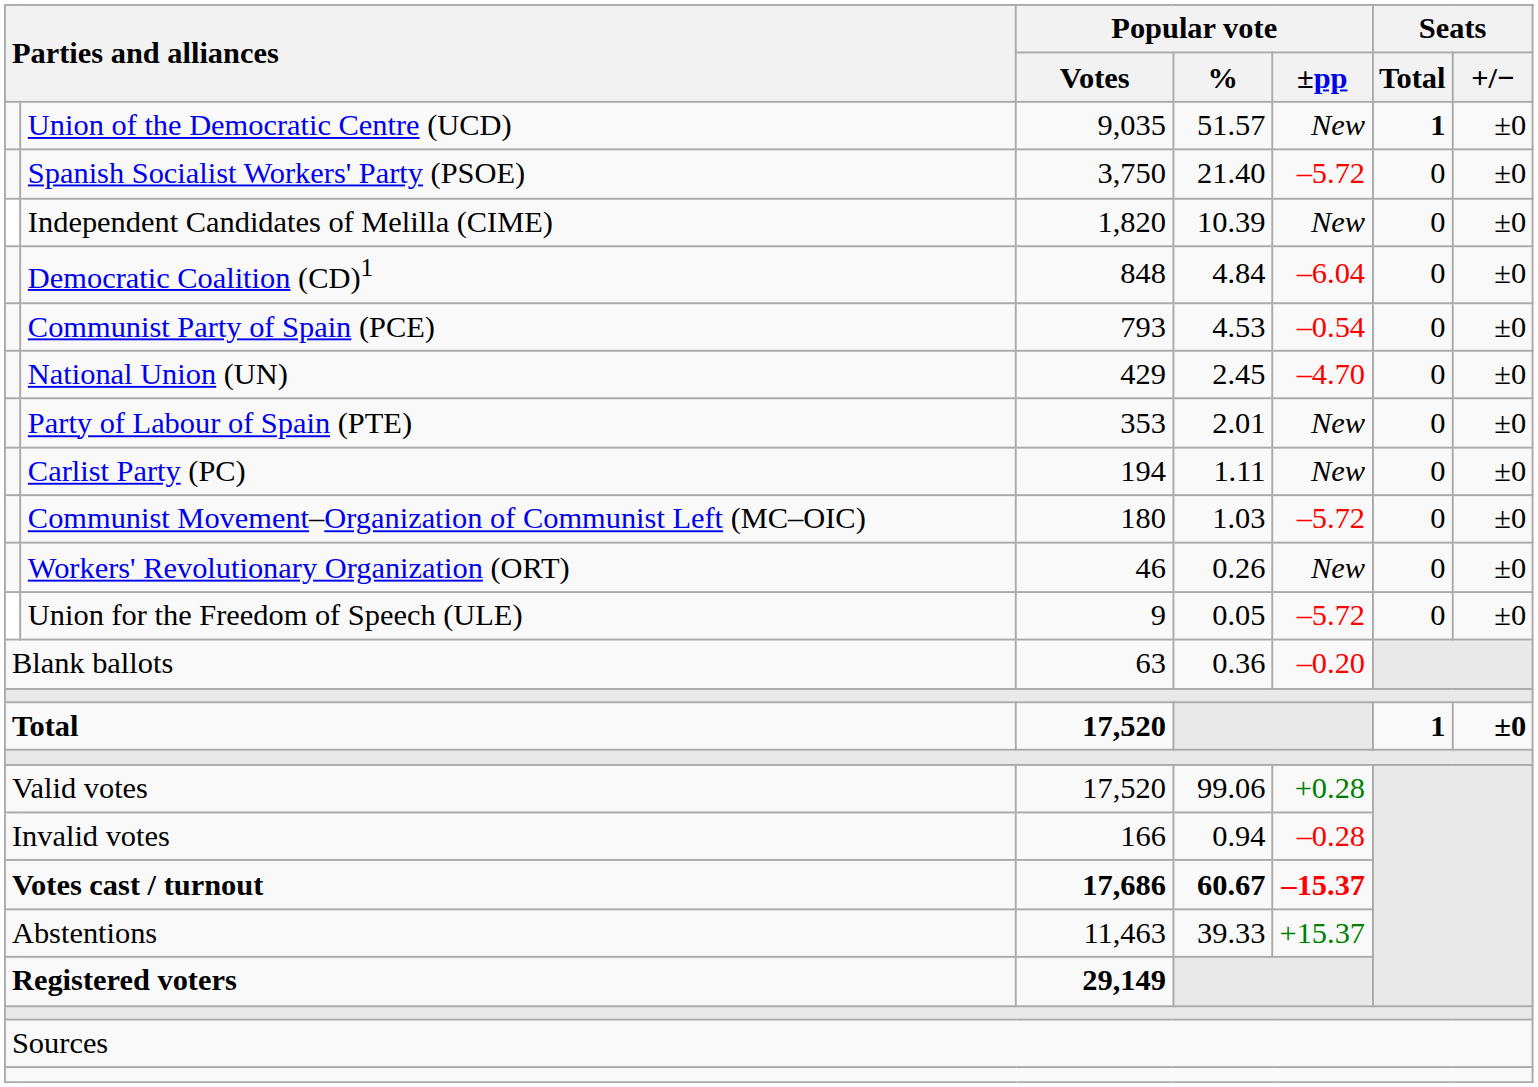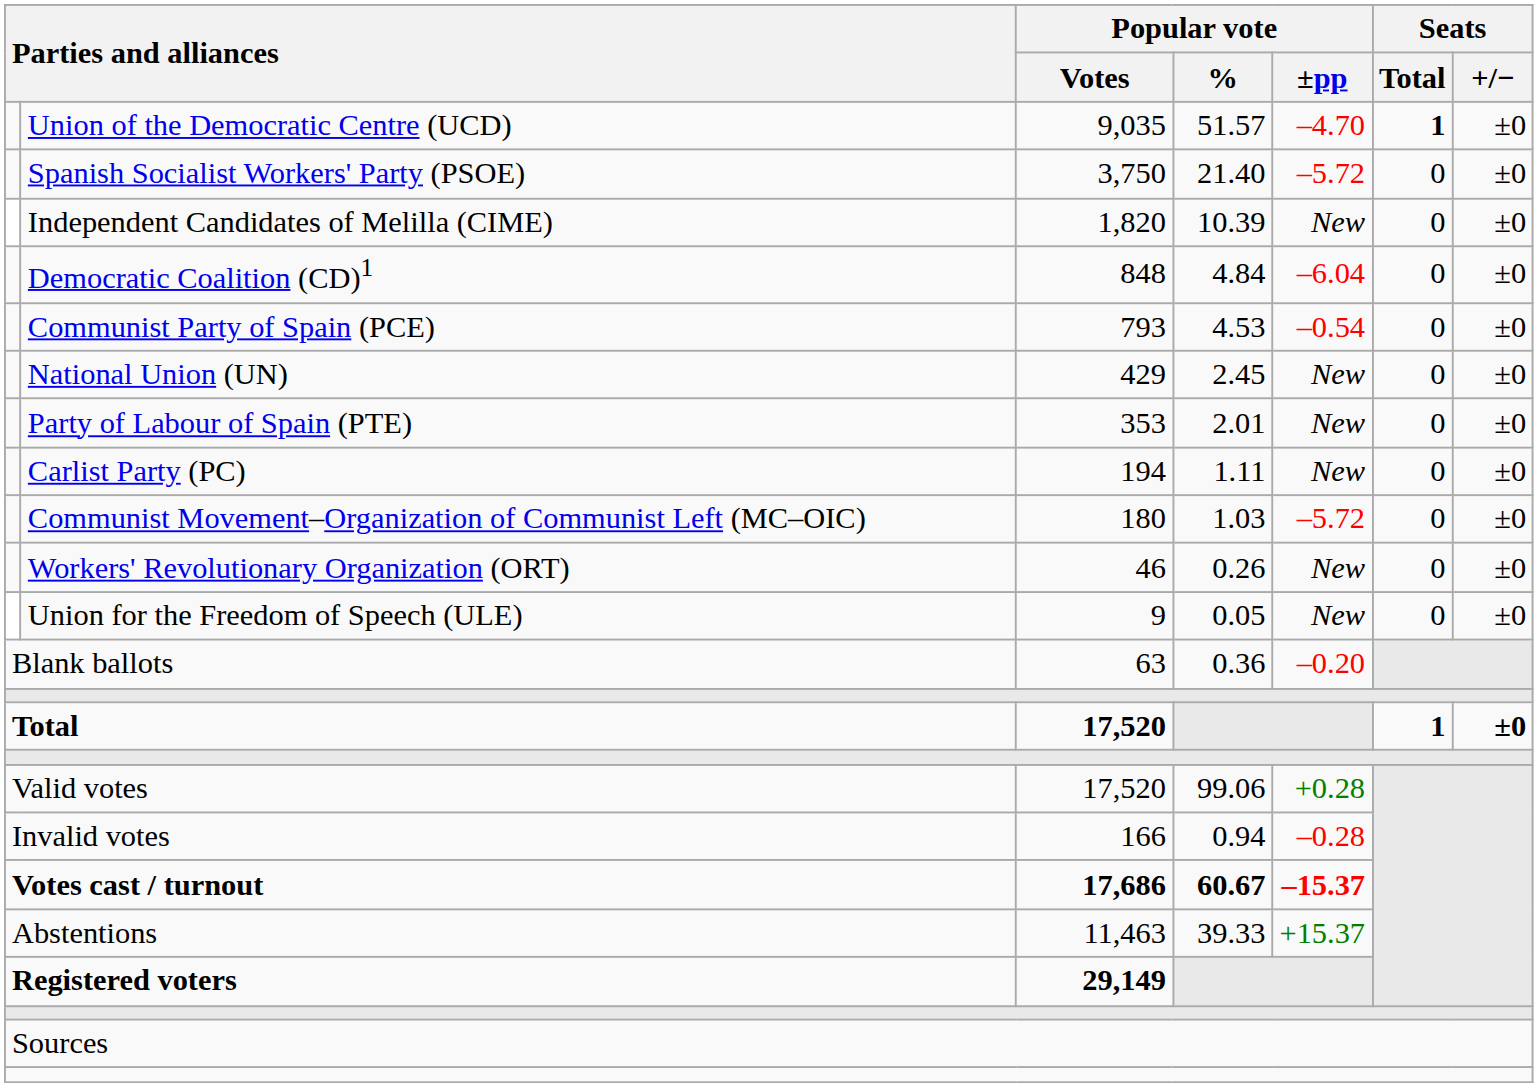 <table class="wikitable" style="text-align:right;">
 <tr>
 <th style="text-align:left;" rowspan="2" colspan="2" width="525">Parties and alliances</th>
 <th colspan="3">Popular vote</th>
 <th colspan="2">Seats</th>
 </tr>
 <tr>
 <th width="75">Votes</th>
 <th width="45">%</th>
 <th width="45">±<a href='#'>pp</a></th>
 <th width="35">Total</th>
 <th width="35">+/−</th>
 </tr>
 <tr>
 <td width="1" style="color:inherit;background:"></td>
 <td align="left"><a href='#'>Union of the Democratic Centre</a> (UCD)</td>
 <td>9,035</td>
 <td>51.57</td>
-<td><em>New</em></td>
+<td style="color:red;">–4.70</td>
 <td><strong>1</strong></td>
 <td>±0</td>
 </tr>
 <tr>
 <td style="color:inherit;background:"></td>
 <td align="left"><a href='#'>Spanish Socialist Workers' Party</a> (PSOE)</td>
 <td>3,750</td>
 <td>21.40</td>
 <td style="color:red;">–5.72</td>
 <td>0</td>
 <td>±0</td>
 </tr>
 <tr>
 <td bgcolor="white"></td>
 <td align="left">Independent Candidates of Melilla (CIME)</td>
 <td>1,820</td>
 <td>10.39</td>
 <td><em>New</em></td>
 <td>0</td>
 <td>±0</td>
 </tr>
 <tr>
 <td style="color:inherit;background:"></td>
 <td align="left"><a href='#'>Democratic Coalition</a> (CD)<sup>1</sup></td>
 <td>848</td>
 <td>4.84</td>
 <td style="color:red;">–6.04</td>
 <td>0</td>
 <td>±0</td>
 </tr>
 <tr>
 <td style="color:inherit;background:"></td>
 <td align="left"><a href='#'>Communist Party of Spain</a> (PCE)</td>
 <td>793</td>
 <td>4.53</td>
 <td style="color:red;">–0.54</td>
 <td>0</td>
 <td>±0</td>
 </tr>
 <tr>
 <td style="color:inherit;background:"></td>
 <td align="left"><a href='#'>National Union</a> (UN)</td>
 <td>429</td>
 <td>2.45</td>
-<td style="color:red;">–4.70</td>
+<td><em>New</em></td>
 <td>0</td>
 <td>±0</td>
 </tr>
 <tr>
 <td style="color:inherit;background:"></td>
 <td align="left"><a href='#'>Party of Labour of Spain</a> (PTE)</td>
 <td>353</td>
 <td>2.01</td>
 <td><em>New</em></td>
 <td>0</td>
 <td>±0</td>
 </tr>
 <tr>
 <td style="color:inherit;background:"></td>
 <td align="left"><a href='#'>Carlist Party</a> (PC)</td>
 <td>194</td>
 <td>1.11</td>
 <td><em>New</em></td>
 <td>0</td>
 <td>±0</td>
 </tr>
 <tr>
 <td style="color:inherit;background:"></td>
 <td align="left"><a href='#'>Communist Movement</a>–<a href='#'>Organization of Communist Left</a> (MC–OIC)</td>
 <td>180</td>
 <td>1.03</td>
 <td style="color:red;">–5.72</td>
 <td>0</td>
 <td>±0</td>
 </tr>
 <tr>
 <td style="color:inherit;background:"></td>
 <td align="left"><a href='#'>Workers' Revolutionary Organization</a> (ORT)</td>
 <td>46</td>
 <td>0.26</td>
 <td><em>New</em></td>
 <td>0</td>
 <td>±0</td>
 </tr>
 <tr>
 <td bgcolor="white"></td>
 <td align="left">Union for the Freedom of Speech (ULE)</td>
 <td>9</td>
 <td>0.05</td>
-<td style="color:red;">–5.72</td>
+<td><em>New</em></td>
 <td>0</td>
 <td>±0</td>
 </tr>
 <tr>
 <td align="left" colspan="2">Blank ballots</td>
 <td>63</td>
 <td>0.36</td>
 <td style="color:red;">–0.20</td>
 <td bgcolor="#E9E9E9" colspan="2"></td>
 </tr>
 <tr>
 <td colspan="7" bgcolor="#E9E9E9"></td>
 </tr>
 <tr style="font-weight:bold;">
 <td align="left" colspan="2">Total</td>
 <td>17,520</td>
 <td bgcolor="#E9E9E9" colspan="2"></td>
 <td>1</td>
 <td>±0</td>
 </tr>
 <tr>
 <td colspan="7" bgcolor="#E9E9E9"></td>
 </tr>
 <tr>
 <td align="left" colspan="2">Valid votes</td>
 <td>17,520</td>
 <td>99.06</td>
 <td style="color:green;">+0.28</td>
 <td bgcolor="#E9E9E9" colspan="2" rowspan="5"></td>
 </tr>
 <tr>
 <td align="left" colspan="2">Invalid votes</td>
 <td>166</td>
 <td>0.94</td>
 <td style="color:red;">–0.28</td>
 </tr>
 <tr style="font-weight:bold;">
 <td align="left" colspan="2">Votes cast / turnout</td>
 <td>17,686</td>
 <td>60.67</td>
 <td style="color:red;">–15.37</td>
 </tr>
 <tr>
 <td align="left" colspan="2">Abstentions</td>
 <td>11,463</td>
 <td>39.33</td>
 <td style="color:green;">+15.37</td>
 </tr>
 <tr style="font-weight:bold;">
 <td align="left" colspan="2">Registered voters</td>
 <td>29,149</td>
 <td bgcolor="#E9E9E9" colspan="2"></td>
 </tr>
 <tr>
 <td colspan="7" bgcolor="#E9E9E9"></td>
 </tr>
 <tr>
 <td align="left" colspan="7">Sources</td>
 </tr>
 <tr>
 <td colspan="7" style="text-align:left; max-width:790px;"></td>
 </tr>
 </table>
